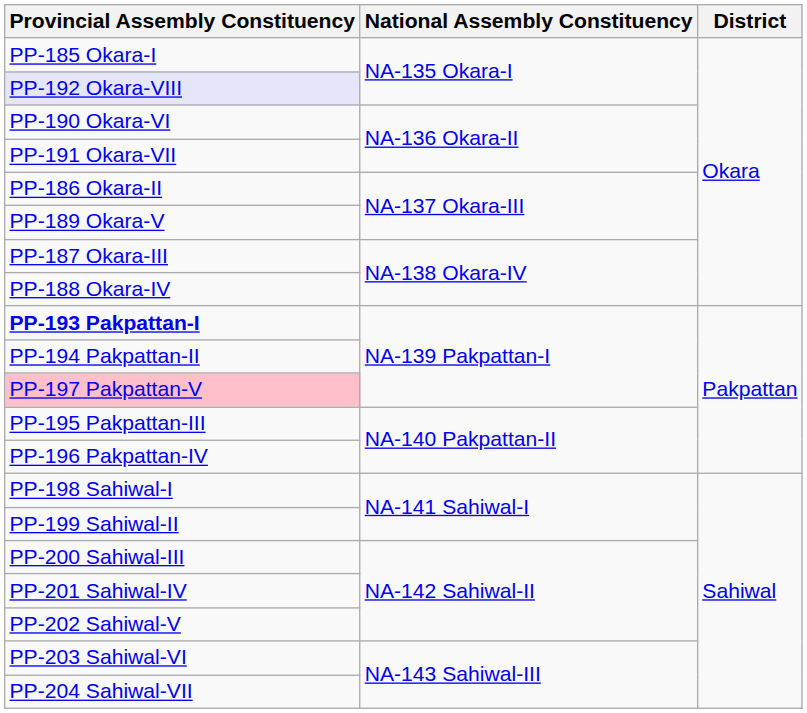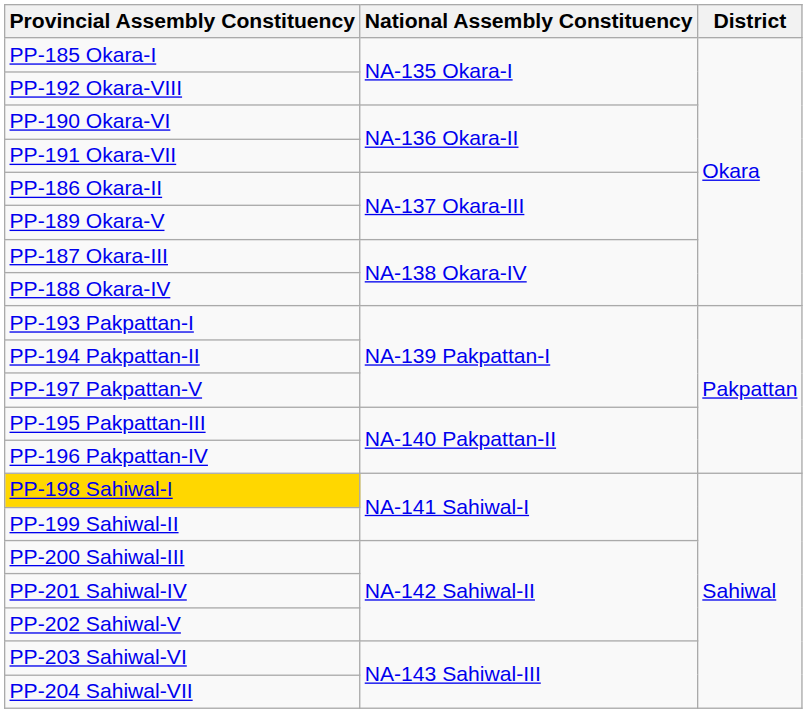 <table class="wikitable sortable static-row-numbers static-row-header-hash">
 <tr>
 <th>Provincial Assembly Constituency</th>
 <th>National Assembly Constituency</th>
 <th>District</th>
 </tr>
 <tr>
 <td><a href='#'>PP-185 Okara-I</a></td>
 <td rowspan="2"><a href='#'>NA-135 Okara-I</a></td>
 <td rowspan="8"><a href='#'>Okara</a></td>
 </tr>
 <tr>
-<td style="background: lavender;"><a href='#'>PP-192 Okara-VIII</a></td>
+<td><a href='#'>PP-192 Okara-VIII</a></td>
 </tr>
 <tr>
 <td><a href='#'>PP-190 Okara-VI</a></td>
 <td rowspan="2"><a href='#'>NA-136 Okara-II</a></td>
 </tr>
 <tr>
 <td><a href='#'>PP-191 Okara-VII</a></td>
 </tr>
 <tr>
 <td><a href='#'>PP-186 Okara-II</a></td>
 <td rowspan="2"><a href='#'>NA-137 Okara-III</a></td>
 </tr>
 <tr>
 <td><a href='#'>PP-189 Okara-V</a></td>
 </tr>
 <tr>
 <td><a href='#'>PP-187 Okara-III</a></td>
 <td rowspan="2"><a href='#'>NA-138 Okara-IV</a></td>
 </tr>
 <tr>
 <td><a href='#'>PP-188 Okara-IV</a></td>
 </tr>
 <tr>
-<td><strong><a href='#'>PP-193 Pakpattan-I</a></strong></td>
+<td><a href='#'>PP-193 Pakpattan-I</a></td>
 <td rowspan="3"><a href='#'>NA-139 Pakpattan-I</a></td>
 <td rowspan="5"><a href='#'>Pakpattan</a></td>
 </tr>
 <tr>
 <td><a href='#'>PP-194 Pakpattan-II</a></td>
 </tr>
 <tr>
-<td style="background: pink;"><a href='#'>PP-197 Pakpattan-V</a></td>
+<td><a href='#'>PP-197 Pakpattan-V</a></td>
 </tr>
 <tr>
 <td><a href='#'>PP-195 Pakpattan-III</a></td>
 <td rowspan="2"><a href='#'>NA-140 Pakpattan-II</a></td>
 </tr>
 <tr>
 <td><a href='#'>PP-196 Pakpattan-IV</a></td>
 </tr>
 <tr>
-<td><a href='#'>PP-198 Sahiwal-I</a></td>
+<td style="background: gold;"><a href='#'>PP-198 Sahiwal-I</a></td>
 <td rowspan="2"><a href='#'>NA-141 Sahiwal-I</a></td>
 <td rowspan="7"><a href='#'>Sahiwal</a></td>
 </tr>
 <tr>
 <td><a href='#'>PP-199 Sahiwal-II</a></td>
 </tr>
 <tr>
 <td><a href='#'>PP-200 Sahiwal-III</a></td>
 <td rowspan="3"><a href='#'>NA-142 Sahiwal-II</a></td>
 </tr>
 <tr>
 <td><a href='#'>PP-201 Sahiwal-IV</a></td>
 </tr>
 <tr>
 <td><a href='#'>PP-202 Sahiwal-V</a></td>
 </tr>
 <tr>
 <td><a href='#'>PP-203 Sahiwal-VI</a></td>
 <td rowspan="2"><a href='#'>NA-143 Sahiwal-III</a></td>
 </tr>
 <tr>
 <td><a href='#'>PP-204 Sahiwal-VII</a></td>
 </tr>
 </table>
